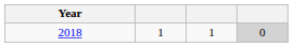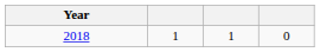 <table class="wikitable" width=30% style="font-size:100%; text-align:center;">
 <tr>
 <th>Year</th>
 <th></th>
 <th></th>
 <th></th>
 </tr>
 <tr>
 <td><a href='#'>2018</a></td>
 <td>1</td>
 <td>1</td>
-<td style="background: lightgrey;">0</td>
+<td>0</td>
 </tr>
 </table>
